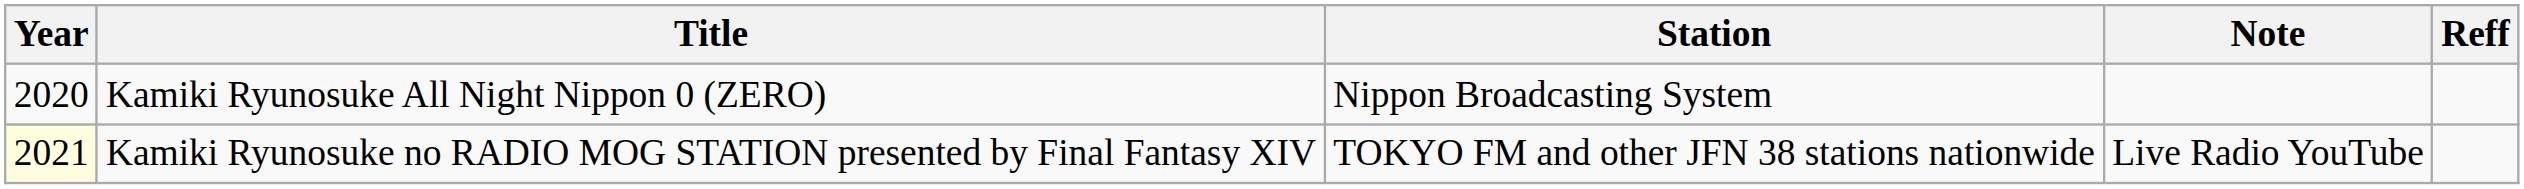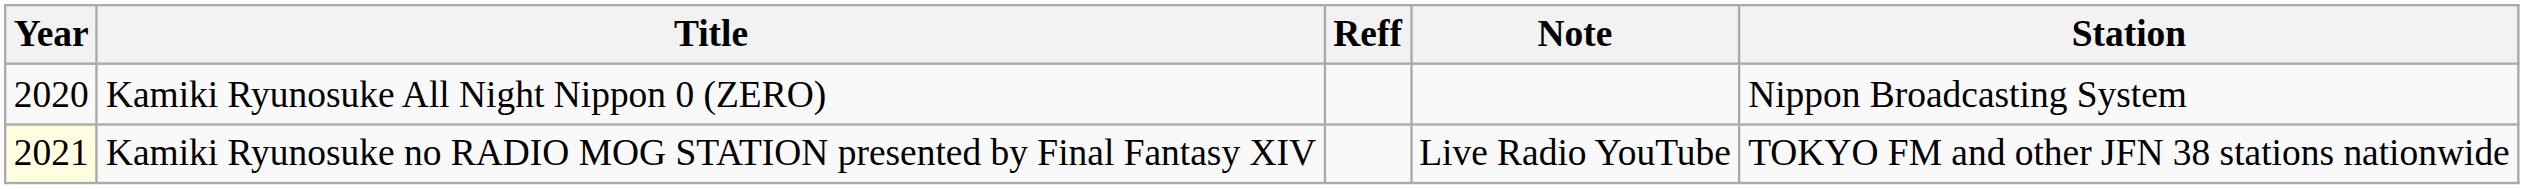 <table class="wikitable sortable mw-collapsible">
 <tr>
 <th>Year</th>
 <th>Title</th>
+<th>Reff</th>
+<th>Note</th>
 <th>Station</th>
-<th>Note</th>
-<th>Reff</th>
 </tr>
 <tr>
 <td>2020</td>
 <td>Kamiki Ryunosuke All Night Nippon 0 (ZERO)</td>
-<td>Nippon Broadcasting System</td>
 <td></td>
 <td></td>
+<td>Nippon Broadcasting System</td>
 </tr>
 <tr>
 <td style="background: lightyellow;">2021</td>
 <td>Kamiki Ryunosuke no RADIO MOG STATION presented by Final Fantasy XIV</td>
+<td></td>
+<td>Live Radio YouTube</td>
 <td>TOKYO FM and other JFN 38 stations nationwide</td>
-<td>Live Radio YouTube</td>
-<td></td>
 </tr>
 </table>
